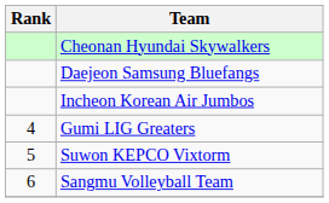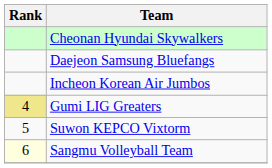 <table class="wikitable" style="text-align: center;">
 <tr>
 <th width=40>Rank</th>
 <th width=240>Team</th>
 </tr>
 <tr bgcolor=#ccffcc>
 <td></td>
 <td align=left><a href='#'>Cheonan Hyundai Skywalkers</a></td>
 </tr>
 <tr>
 <td></td>
 <td align=left><a href='#'>Daejeon Samsung Bluefangs</a></td>
 </tr>
 <tr>
 <td></td>
 <td align=left><a href='#'>Incheon Korean Air Jumbos</a></td>
 </tr>
 <tr>
-<td>4</td>
+<td style="background: khaki;">4</td>
 <td align=left><a href='#'>Gumi LIG Greaters</a></td>
 </tr>
 <tr>
 <td>5</td>
 <td align=left><a href='#'>Suwon KEPCO Vixtorm</a></td>
 </tr>
 <tr>
-<td>6</td>
+<td style="background: lightyellow;">6</td>
 <td align=left><a href='#'>Sangmu Volleyball Team</a></td>
 </tr>
 <tr>
 </tr>
 </table>
